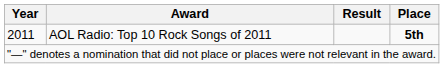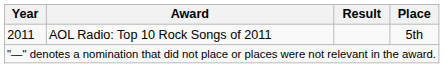 <table class="wikitable">
 <tr>
 <th>Year</th>
 <th>Award</th>
 <th>Result</th>
 <th>Place</th>
 </tr>
 <tr>
 <td>2011</td>
 <td>AOL Radio: Top 10 Rock Songs of 2011</td>
 <td></td>
-<td style="text-align:center"><strong>5th</strong></td>
+<td style="text-align:center">5th</td>
 </tr>
 <tr>
 <td colspan="4" style="text-align:center; font-size:90%">"—" denotes a nomination that did not place or places were not relevant in the award.</td>
 </tr>
 </table>
